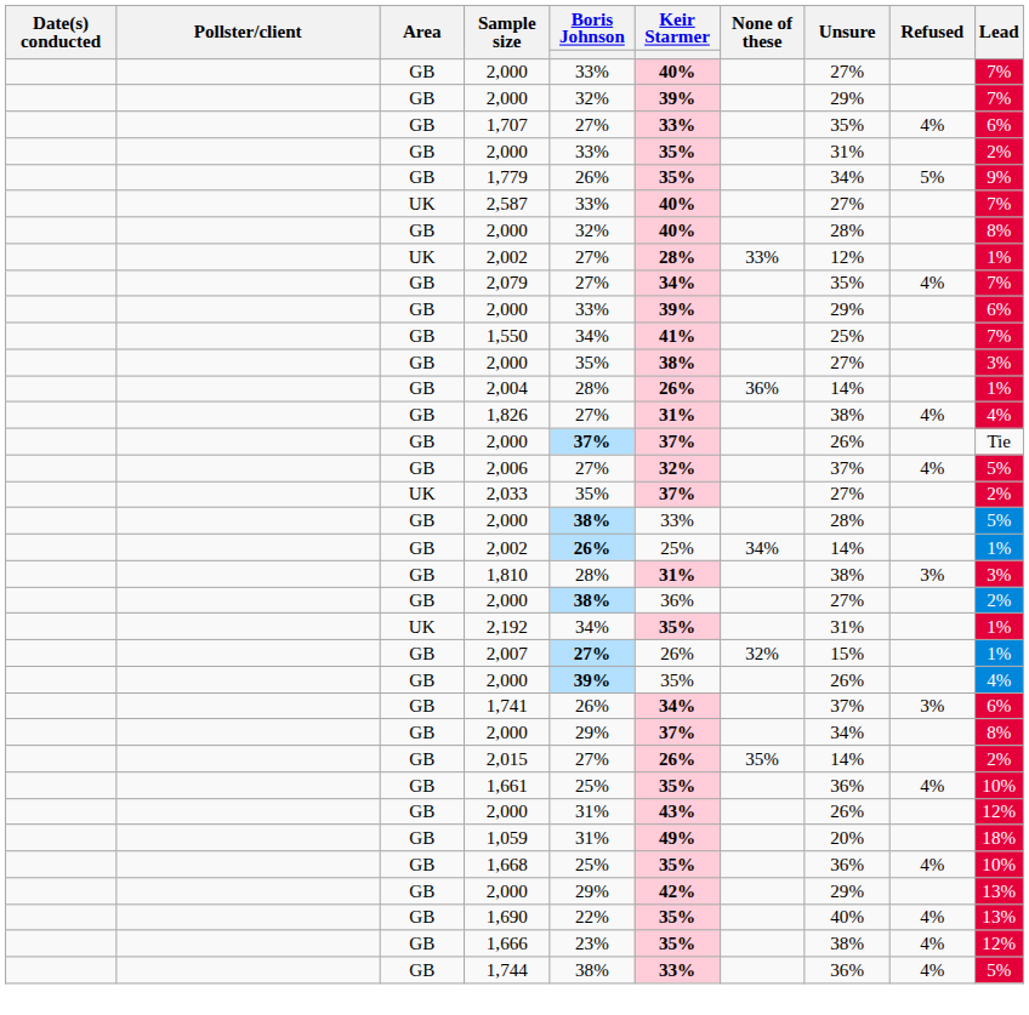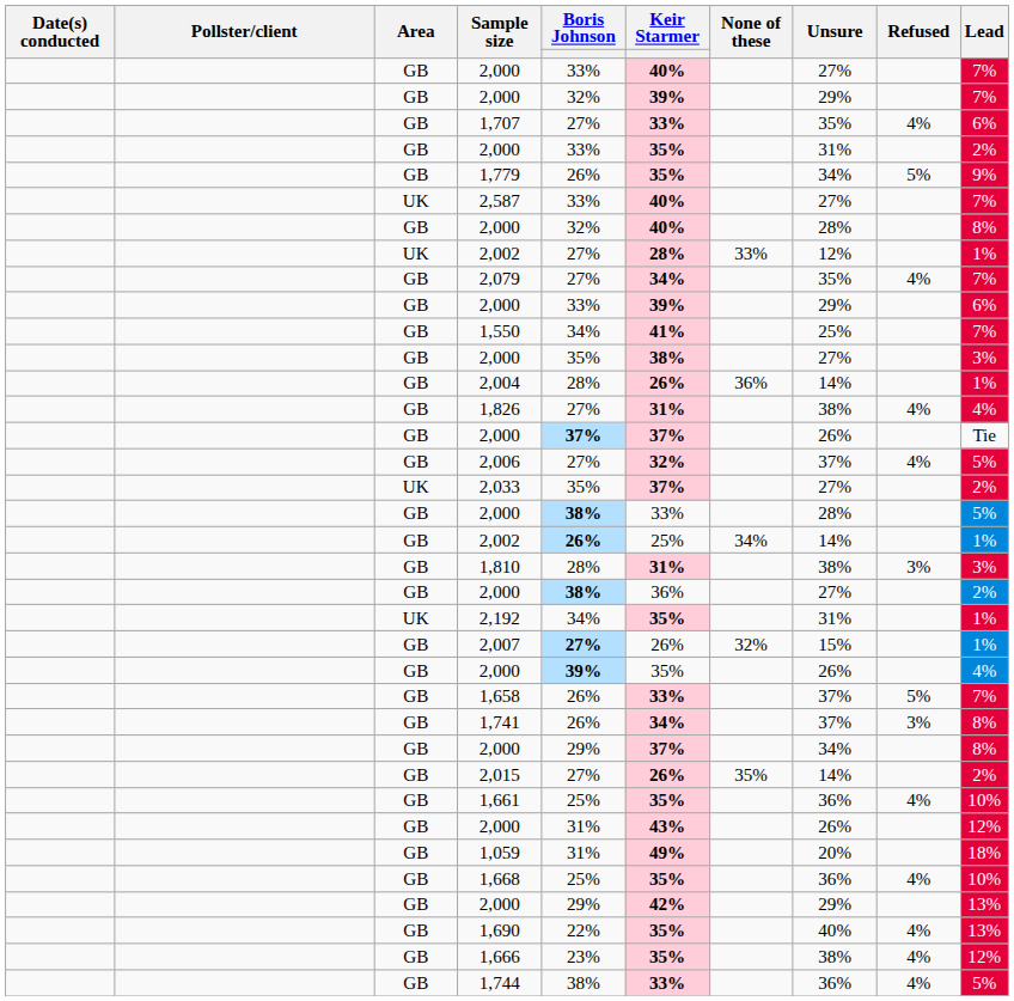 <table class="wikitable collapsible sortable mw-datatable" style="text-align:center;font-size:90%;line-height:14px">
 <tr>
 <th style="width:80px;" rowspan="2">Date(s)<br>conducted</th>
 <th style="width:200px;" rowspan="2">Pollster/client</th>
 <th style="width:60px;" rowspan="2">Area</th>
 <th style="width:60px;" rowspan="2">Sample size</th>
 <th style="width:60px;" class="unsortable"><a href='#'>Boris Johnson</a></th>
 <th style="width:60px;" class="unsortable"><a href='#'>Keir Starmer</a></th>
 <th style="width:60px;" rowspan="2" class="unsortable">None of these</th>
 <th style="width:60px;" rowspan="2" class="unsortable">Unsure</th>
 <th style="width:60px;" rowspan="2" class="unsortable">Refused</th>
 <th class="unsortable" style="width:20px;" rowspan="2">Lead</th>
 </tr>
 <tr>
 <th class="unsortable" style="color:inherit;background:"></th>
 <th class="unsortable" style="color:inherit;background:"></th>
 </tr>
 <tr>
 <td></td>
 <td></td>
 <td>GB</td>
 <td>2,000</td>
 <td>33%</td>
 <td style="background:#FFCCD9;"><strong>40%</strong></td>
 <td></td>
 <td>27%</td>
 <td></td>
 <td style="background:#E4003B; color:white;">7%</td>
 </tr>
 <tr>
 <td></td>
 <td></td>
 <td>GB</td>
 <td>2,000</td>
 <td>32%</td>
 <td style="background:#FFCCD9;"><strong>39%</strong></td>
 <td></td>
 <td>29%</td>
 <td></td>
 <td style="background:#E4003B; color:white;">7%</td>
 </tr>
 <tr>
 <td></td>
 <td></td>
 <td>GB</td>
 <td>1,707</td>
 <td>27%</td>
 <td style="background:#FFCCD9;"><strong>33%</strong></td>
 <td></td>
 <td>35%</td>
 <td>4%</td>
 <td style="background:#E4003B; color:white;">6%</td>
 </tr>
 <tr>
 <td></td>
 <td></td>
 <td>GB</td>
 <td>2,000</td>
 <td>33%</td>
 <td style="background:#FFCCD9;"><strong>35%</strong></td>
 <td></td>
 <td>31%</td>
 <td></td>
 <td style="background:#E4003B; color:white;">2%</td>
 </tr>
 <tr>
 <td></td>
 <td></td>
 <td>GB</td>
 <td>1,779</td>
 <td>26%</td>
 <td style="background:#FFCCD9;"><strong>35%</strong></td>
 <td></td>
 <td>34%</td>
 <td>5%</td>
 <td style="background:#E4003B; color:white;">9%</td>
 </tr>
 <tr>
 <td></td>
 <td></td>
 <td>UK</td>
 <td>2,587</td>
 <td>33%</td>
 <td style="background:#FFCCD9;"><strong>40%</strong></td>
 <td></td>
 <td>27%</td>
 <td></td>
 <td style="background:#E4003B; color:white;">7%</td>
 </tr>
 <tr>
 <td></td>
 <td></td>
 <td>GB</td>
 <td>2,000</td>
 <td>32%</td>
 <td style="background:#FFCCD9;"><strong>40%</strong></td>
 <td></td>
 <td>28%</td>
 <td></td>
 <td style="background:#E4003B; color:white;">8%</td>
 </tr>
 <tr>
 <td></td>
 <td></td>
 <td>UK</td>
 <td>2,002</td>
 <td>27%</td>
 <td style="background:#FFCCD9;"><strong>28%</strong></td>
 <td>33%</td>
 <td>12%</td>
 <td></td>
 <td style="background:#E4003B; color:white;">1%</td>
 </tr>
 <tr>
 <td></td>
 <td></td>
 <td>GB</td>
 <td>2,079</td>
 <td>27%</td>
 <td style="background:#FFCCD9;"><strong>34%</strong></td>
 <td></td>
 <td>35%</td>
 <td>4%</td>
 <td style="background:#E4003B; color:white;">7%</td>
 </tr>
 <tr>
 <td></td>
 <td></td>
 <td>GB</td>
 <td>2,000</td>
 <td>33%</td>
 <td style="background:#FFCCD9;"><strong>39%</strong></td>
 <td></td>
 <td>29%</td>
 <td></td>
 <td style="background:#E4003B; color:white;">6%</td>
 </tr>
 <tr>
 <td></td>
 <td></td>
 <td>GB</td>
 <td>1,550</td>
 <td>34%</td>
 <td style="background:#FFCCD9;"><strong>41%</strong></td>
 <td></td>
 <td>25%</td>
 <td></td>
 <td style="background:#E4003B; color:white;">7%</td>
 </tr>
 <tr>
 <td></td>
 <td></td>
 <td>GB</td>
 <td>2,000</td>
 <td>35%</td>
 <td style="background:#FFCCD9;"><strong>38%</strong></td>
 <td></td>
 <td>27%</td>
 <td></td>
 <td style="background:#E4003B; color:white;">3%</td>
 </tr>
 <tr>
 <td></td>
 <td></td>
 <td>GB</td>
 <td>2,004</td>
 <td>28%</td>
 <td style="background:#FFCCD9;"><strong>26%</strong></td>
 <td>36%</td>
 <td>14%</td>
 <td></td>
 <td style="background:#E4003B; color:white;">1%</td>
 </tr>
 <tr>
 <td></td>
 <td></td>
 <td>GB</td>
 <td>1,826</td>
 <td>27%</td>
 <td style="background:#FFCCD9;"><strong>31%</strong></td>
 <td></td>
 <td>38%</td>
 <td>4%</td>
 <td style="background:#E4003B; color:white;">4%</td>
 </tr>
 <tr>
 <td></td>
 <td></td>
 <td>GB</td>
 <td>2,000</td>
 <td style="background:#B3E0FF;"><strong>37%</strong></td>
 <td style="background:#FFCCD9;"><strong>37%</strong></td>
 <td></td>
 <td>26%</td>
 <td></td>
 <td>Tie</td>
 </tr>
 <tr>
 <td></td>
 <td></td>
 <td>GB</td>
 <td>2,006</td>
 <td>27%</td>
 <td style="background:#FFCCD9;"><strong>32%</strong></td>
 <td></td>
 <td>37%</td>
 <td>4%</td>
 <td style="background:#E4003B; color:white;">5%</td>
 </tr>
 <tr>
 <td></td>
 <td></td>
 <td>UK</td>
 <td>2,033</td>
 <td>35%</td>
 <td style="background:#FFCCD9;"><strong>37%</strong></td>
 <td></td>
 <td>27%</td>
 <td></td>
 <td style="background:#E4003B; color:white;">2%</td>
 </tr>
 <tr>
 <td></td>
 <td></td>
 <td>GB</td>
 <td>2,000</td>
 <td style="background:#B3E0FF;"><strong>38%</strong></td>
 <td>33%</td>
 <td></td>
 <td>28%</td>
 <td></td>
 <td style="background:#0087DC; color:white;">5%</td>
 </tr>
 <tr>
 <td></td>
 <td></td>
 <td>GB</td>
 <td>2,002</td>
 <td style="background:#B3E0FF;"><strong>26%</strong></td>
 <td>25%</td>
 <td>34%</td>
 <td>14%</td>
 <td></td>
 <td style="background:#0087DC; color:white;">1%</td>
 </tr>
 <tr>
 <td></td>
 <td></td>
 <td>GB</td>
 <td>1,810</td>
 <td>28%</td>
 <td style="background:#FFCCD9;"><strong>31%</strong></td>
 <td></td>
 <td>38%</td>
 <td>3%</td>
 <td style="background:#E4003B; color:white;">3%</td>
 </tr>
 <tr>
 <td></td>
 <td></td>
 <td>GB</td>
 <td>2,000</td>
 <td style="background:#B3E0FF;"><strong>38%</strong></td>
 <td>36%</td>
 <td></td>
 <td>27%</td>
 <td></td>
 <td style="background:#0087DC; color:white;">2%</td>
 </tr>
 <tr>
 <td></td>
 <td></td>
 <td>UK</td>
 <td>2,192</td>
 <td>34%</td>
 <td style="background:#FFCCD9;"><strong>35%</strong></td>
 <td></td>
 <td>31%</td>
 <td></td>
 <td style="background:#E4003B; color:white;">1%</td>
 </tr>
 <tr>
 <td></td>
 <td></td>
 <td>GB</td>
 <td>2,007</td>
 <td style="background:#B3E0FF;"><strong>27%</strong></td>
 <td>26%</td>
 <td>32%</td>
 <td>15%</td>
 <td></td>
 <td style="background:#0087DC; color:white;">1%</td>
 </tr>
 <tr>
 <td></td>
 <td></td>
 <td>GB</td>
 <td>2,000</td>
 <td style="background:#B3E0FF;"><strong>39%</strong></td>
 <td>35%</td>
 <td></td>
 <td>26%</td>
 <td></td>
 <td style="background:#0087DC; color:white;">4%</td>
 </tr>
 <tr>
 <td></td>
 <td></td>
 <td>GB</td>
+<td>1,658</td>
+<td>26%</td>
+<td style="background:#FFCCD9;"><strong>33%</strong></td>
+<td></td>
+<td>37%</td>
+<td>5%</td>
+<td style="background:#E4003B; color:white;">7%</td>
+</tr>
+<tr>
+<td></td>
+<td></td>
+<td>GB</td>
 <td>1,741</td>
 <td>26%</td>
 <td style="background:#FFCCD9;"><strong>34%</strong></td>
 <td></td>
 <td>37%</td>
 <td>3%</td>
-<td style="background:#E4003B; color:white;">6%</td>
+<td style="background:#E4003B; color:white;">8%</td>
 </tr>
 <tr>
 <td></td>
 <td></td>
 <td>GB</td>
 <td>2,000</td>
 <td>29%</td>
 <td style="background:#FFCCD9;"><strong>37%</strong></td>
 <td></td>
 <td>34%</td>
 <td></td>
 <td style="background:#E4003B; color:white;">8%</td>
 </tr>
 <tr>
 <td></td>
 <td></td>
 <td>GB</td>
 <td>2,015</td>
 <td>27%</td>
 <td style="background:#FFCCD9;"><strong>26%</strong></td>
 <td>35%</td>
 <td>14%</td>
 <td></td>
 <td style="background:#E4003B; color:white;">2%</td>
 </tr>
 <tr>
 <td></td>
 <td></td>
 <td>GB</td>
 <td>1,661</td>
 <td>25%</td>
 <td style="background:#FFCCD9;"><strong>35%</strong></td>
 <td></td>
 <td>36%</td>
 <td>4%</td>
 <td style="background:#E4003B; color:white;">10%</td>
 </tr>
 <tr>
 <td></td>
 <td></td>
 <td>GB</td>
 <td>2,000</td>
 <td>31%</td>
 <td style="background:#FFCCD9;"><strong>43%</strong></td>
 <td></td>
 <td>26%</td>
 <td></td>
 <td style="background:#E4003B; color:white;">12%</td>
 </tr>
 <tr>
 <td></td>
 <td></td>
 <td>GB</td>
 <td>1,059</td>
 <td>31%</td>
 <td style="background:#FFCCD9;"><strong>49%</strong></td>
 <td></td>
 <td>20%</td>
 <td></td>
 <td style="background:#E4003B; color:white;">18%</td>
 </tr>
 <tr>
 <td></td>
 <td></td>
 <td>GB</td>
 <td>1,668</td>
 <td>25%</td>
 <td style="background:#FFCCD9;"><strong>35%</strong></td>
 <td></td>
 <td>36%</td>
 <td>4%</td>
 <td style="background:#E4003B; color:white;">10%</td>
 </tr>
 <tr>
 <td></td>
 <td></td>
 <td>GB</td>
 <td>2,000</td>
 <td>29%</td>
 <td style="background:#FFCCD9;"><strong>42%</strong></td>
 <td></td>
 <td>29%</td>
 <td></td>
 <td style="background:#E4003B; color:white;">13%</td>
 </tr>
 <tr>
 <td></td>
 <td></td>
 <td>GB</td>
 <td>1,690</td>
 <td>22%</td>
 <td style="background:#FFCCD9;"><strong>35%</strong></td>
 <td></td>
 <td>40%</td>
 <td>4%</td>
 <td style="background:#E4003B; color:white;">13%</td>
 </tr>
 <tr>
 <td></td>
 <td></td>
 <td>GB</td>
 <td>1,666</td>
 <td>23%</td>
 <td style="background:#FFCCD9;"><strong>35%</strong></td>
 <td></td>
 <td>38%</td>
 <td>4%</td>
 <td style="background:#E4003B; color:white;">12%</td>
 </tr>
 <tr>
 <td></td>
 <td></td>
 <td>GB</td>
 <td>1,744</td>
 <td>38%</td>
 <td style="background:#FFCCD9;"><strong>33%</strong></td>
 <td></td>
 <td>36%</td>
 <td>4%</td>
 <td style="background:#E4003B; color:white;">5%</td>
 </tr>
 </table>
